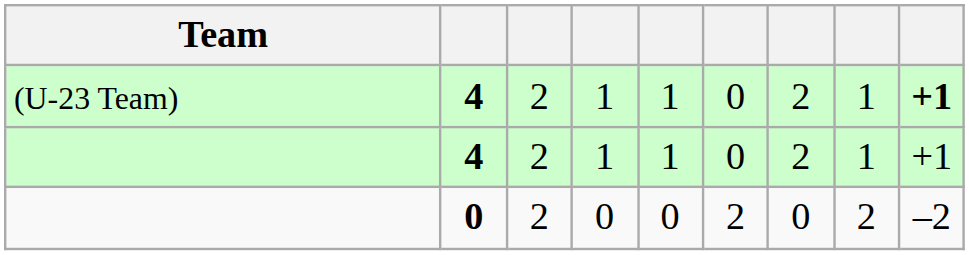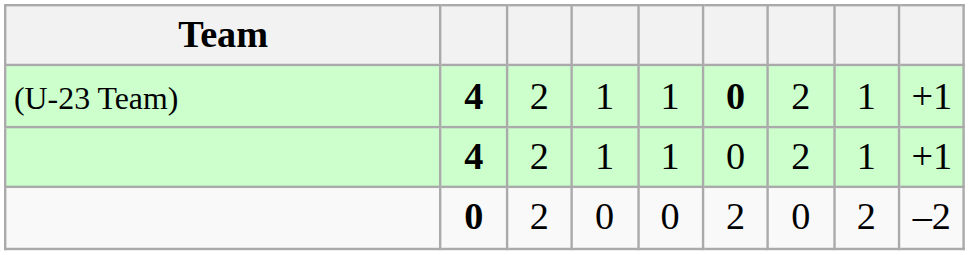 <table class="wikitable" style="text-align:center">
 <tr>
 <th width="175">Team</th>
 <th width="20"></th>
 <th width="20"></th>
 <th width="20"></th>
 <th width="20"></th>
 <th width="20"></th>
 <th width="20"></th>
 <th width="20"></th>
 <th width="20"></th>
 </tr>
 <tr bgcolor=#CCFFCC>
 <td align=left> <small>(U-23 Team) </small></td>
 <td><strong>4</strong></td>
 <td>2</td>
 <td>1</td>
 <td>1</td>
-<td>0</td>
+<td><strong>0</strong></td>
 <td>2</td>
 <td>1</td>
-<td><strong>+1</strong></td>
+<td>+1</td>
 </tr>
 <tr bgcolor=#CCFFCC>
 <td align=left></td>
 <td><strong>4</strong></td>
 <td>2</td>
 <td>1</td>
 <td>1</td>
 <td>0</td>
 <td>2</td>
 <td>1</td>
 <td>+1</td>
 </tr>
 <tr>
 <td align=left></td>
 <td><strong>0</strong></td>
 <td>2</td>
 <td>0</td>
 <td>0</td>
 <td>2</td>
 <td>0</td>
 <td>2</td>
 <td>–2</td>
 </tr>
 </table>
